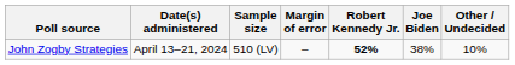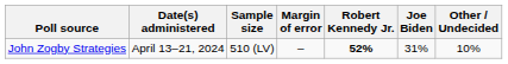 <table class="wikitable sortable mw-datatable" style="font-size:90%;text-align:center;line-height:17px">
 <tr valign=bottom>
 <th>Poll source</th>
 <th>Date(s)<br>administered</th>
 <th>Sample<br>size</th>
 <th>Margin<br>of error</th>
 <th class="unsortable">Robert<br>Kennedy Jr.<br></th>
 <th class="unsortable">Joe<br>Biden<br></th>
 <th class="unsortable">Other /<br>Undecided</th>
 </tr>
 <tr>
 <td style="text-align:left;"><a href='#'>John Zogby Strategies</a></td>
 <td data-sort-value="2024-05-01">April 13–21, 2024</td>
 <td>510 (LV)</td>
 <td>–</td>
 <td style="background-color:"><strong>52%</strong></td>
-<td>38%</td>
+<td>31%</td>
 <td>10%</td>
 </tr>
 </table>
